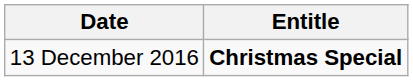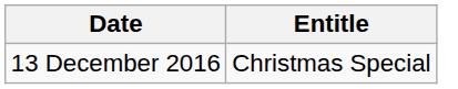 <table class="wikitable" style="text-align: center;">
 <tr>
 <th>Date</th>
 <th>Entitle</th>
 </tr>
 <tr>
 <td>13 December 2016</td>
-<td><strong>Christmas Special</strong></td>
+<td>Christmas Special</td>
 </tr>
 </table>
